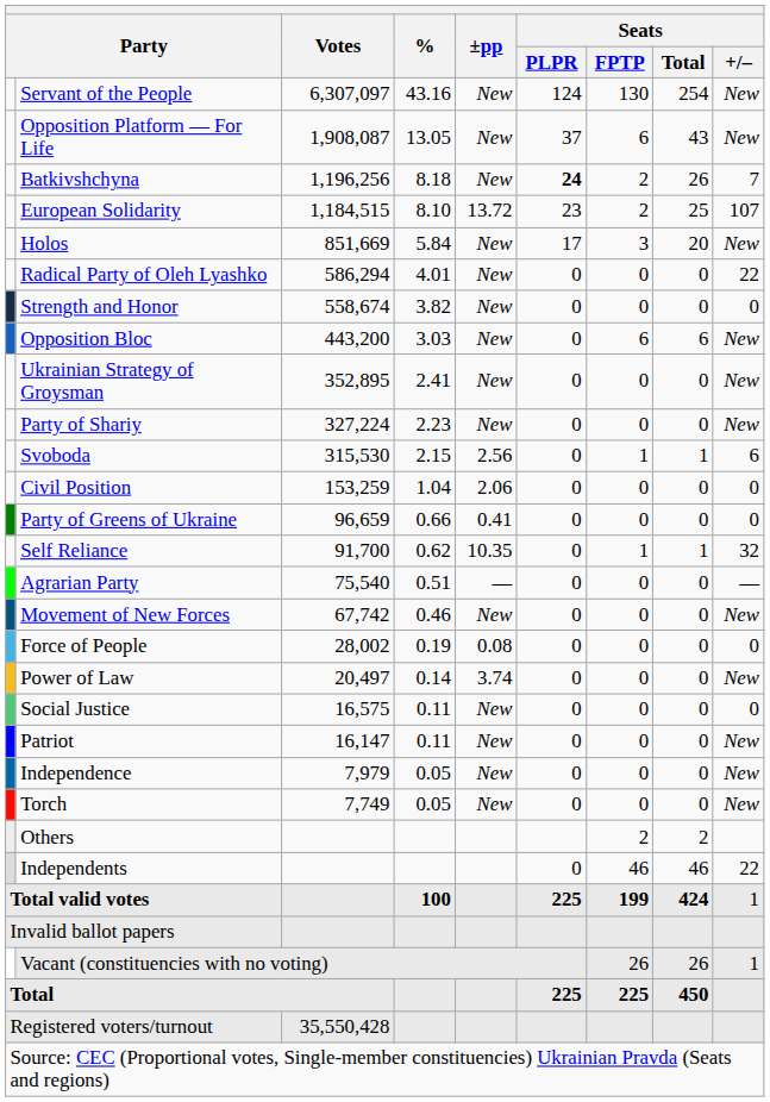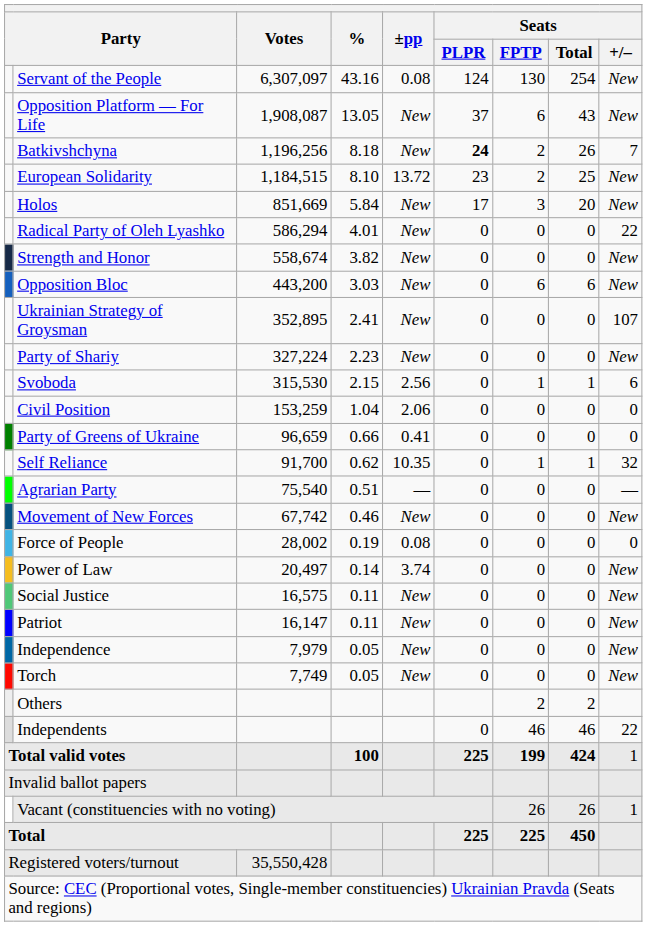 <table class=wikitable style=text-align:right>
 <tr>
 <th colspan=9></th>
 </tr>
 <tr>
 <th rowspan=2 colspan=2>Party</th>
 <th rowspan=2>Votes</th>
 <th rowspan=2>%</th>
 <th rowspan=2>±<a href='#'>pp</a></th>
 <th colspan=4>Seats</th>
 </tr>
 <tr style="text-align:center;">
 <th><a href='#'>PLPR</a></th>
 <th><a href='#'>FPTP</a></th>
 <th>Total</th>
 <th>+/–</th>
 </tr>
 <tr>
 <td style="background:"></td>
 <td style="text-align:left;"><a href='#'>Servant of the People</a></td>
 <td>6,307,097</td>
 <td>43.16</td>
-<td><em>New</em></td>
+<td>0.08</td>
 <td>124</td>
 <td>130</td>
 <td>254</td>
 <td><em>New</em></td>
 </tr>
 <tr>
 <td style="background:"></td>
 <td style="text-align:left;"><a href='#'>Opposition Platform — For Life</a></td>
 <td>1,908,087</td>
 <td>13.05</td>
 <td><em>New</em></td>
 <td>37</td>
 <td>6</td>
 <td>43</td>
 <td><em>New</em></td>
 </tr>
 <tr>
 <td style="background:"></td>
 <td style="text-align:left;"><a href='#'>Batkivshchyna</a></td>
 <td>1,196,256</td>
 <td>8.18</td>
 <td><em>New</em></td>
 <td><strong>24</strong></td>
 <td>2</td>
 <td>26</td>
 <td>7</td>
 </tr>
 <tr>
 <td style="background:"></td>
 <td style="text-align:left;"><a href='#'>European Solidarity</a></td>
 <td>1,184,515</td>
 <td>8.10</td>
 <td>13.72</td>
 <td>23</td>
 <td>2</td>
 <td>25</td>
-<td>107</td>
+<td><em>New</em></td>
 </tr>
 <tr>
 <td style="background:"></td>
 <td style="text-align:left;"><a href='#'>Holos</a></td>
 <td>851,669</td>
 <td>5.84</td>
 <td><em>New</em></td>
 <td>17</td>
 <td>3</td>
 <td>20</td>
 <td><em>New</em></td>
 </tr>
 <tr>
 <td style="background:"></td>
 <td style="text-align:left;"><a href='#'>Radical Party of Oleh Lyashko</a></td>
 <td>586,294</td>
 <td>4.01</td>
 <td><em>New</em></td>
 <td>0</td>
 <td>0</td>
 <td>0</td>
 <td>22</td>
 </tr>
 <tr>
 <td style="background:#172A47;"></td>
 <td style="text-align:left;"><a href='#'>Strength and Honor</a></td>
 <td>558,674</td>
 <td>3.82</td>
 <td><em>New</em></td>
 <td>0</td>
 <td>0</td>
 <td>0</td>
-<td>0</td>
+<td><em>New</em></td>
 </tr>
 <tr>
 <td style="background:#1560BD;"></td>
 <td style="text-align:left;"><a href='#'>Opposition Bloc</a></td>
 <td>443,200</td>
 <td>3.03</td>
 <td><em>New</em></td>
 <td>0</td>
 <td>6</td>
 <td>6</td>
 <td><em>New</em></td>
 </tr>
 <tr>
 <td style="background:"></td>
 <td style="text-align:left;"><a href='#'>Ukrainian Strategy of Groysman</a></td>
 <td>352,895</td>
 <td>2.41</td>
 <td><em>New</em></td>
 <td>0</td>
 <td>0</td>
 <td>0</td>
-<td><em>New</em></td>
+<td>107</td>
 </tr>
 <tr>
 <td style="background:"></td>
 <td style="text-align:left;"><a href='#'>Party of Shariy</a></td>
 <td>327,224</td>
 <td>2.23</td>
 <td><em>New</em></td>
 <td>0</td>
 <td>0</td>
 <td>0</td>
 <td><em>New</em></td>
 </tr>
 <tr>
 <td style="background:"></td>
 <td style="text-align:left;"><a href='#'>Svoboda</a></td>
 <td>315,530</td>
 <td>2.15</td>
 <td>2.56</td>
 <td>0</td>
 <td>1</td>
 <td>1</td>
 <td>6</td>
 </tr>
 <tr>
 <td style="background:"></td>
 <td style="text-align:left;"><a href='#'>Civil Position</a></td>
 <td>153,259</td>
 <td>1.04</td>
 <td>2.06</td>
 <td>0</td>
 <td>0</td>
 <td>0</td>
 <td>0</td>
 </tr>
 <tr>
 <td style="background:green;"></td>
 <td style="text-align:left;"><a href='#'>Party of Greens of Ukraine</a></td>
 <td>96,659</td>
 <td>0.66</td>
 <td>0.41</td>
 <td>0</td>
 <td>0</td>
 <td>0</td>
 <td>0</td>
 </tr>
 <tr>
 <td style="background:"></td>
 <td style="text-align:left;"><a href='#'>Self Reliance</a></td>
 <td>91,700</td>
 <td>0.62</td>
 <td> 10.35</td>
 <td>0</td>
 <td>1</td>
 <td>1</td>
 <td>32</td>
 </tr>
 <tr>
 <td style="background:#0f0;"></td>
 <td style="text-align:left;"><a href='#'>Agrarian Party</a></td>
 <td>75,540</td>
 <td>0.51</td>
 <td>—</td>
 <td>0</td>
 <td>0</td>
 <td>0</td>
 <td>—</td>
 </tr>
 <tr>
 <td style="background:#05517E;"></td>
 <td style="text-align:left;"><a href='#'>Movement of New Forces</a></td>
 <td>67,742</td>
 <td>0.46</td>
 <td><em>New</em></td>
 <td>0</td>
 <td>0</td>
 <td>0</td>
 <td><em>New</em></td>
 </tr>
 <tr>
 <td style="background:#40B4E5;"></td>
 <td style="text-align:left;">Force of People</td>
 <td>28,002</td>
 <td>0.19</td>
 <td>0.08</td>
 <td>0</td>
 <td>0</td>
 <td>0</td>
 <td>0</td>
 </tr>
 <tr>
 <td style="background:#F5BD1F;"></td>
 <td style="text-align:left;">Power of Law</td>
 <td>20,497</td>
 <td>0.14</td>
 <td>3.74</td>
 <td>0</td>
 <td>0</td>
 <td>0</td>
 <td><em>New</em></td>
 </tr>
 <tr>
 <td style="background:#50C878;"></td>
 <td style="text-align:left;">Social Justice</td>
 <td>16,575</td>
 <td>0.11</td>
 <td><em>New</em></td>
 <td>0</td>
 <td>0</td>
 <td>0</td>
-<td>0</td>
+<td><em>New</em></td>
 </tr>
 <tr>
 <td style="background:#00f;"></td>
 <td style="text-align:left;">Patriot</td>
 <td>16,147</td>
 <td>0.11</td>
 <td><em>New</em></td>
 <td>0</td>
 <td>0</td>
 <td>0</td>
 <td><em>New</em></td>
 </tr>
 <tr>
 <td style="background:#0067A5;"></td>
 <td style="text-align:left;">Independence</td>
 <td>7,979</td>
 <td>0.05</td>
 <td><em>New</em></td>
 <td>0</td>
 <td>0</td>
 <td>0</td>
 <td><em>New</em></td>
 </tr>
 <tr>
 <td style="background:#FF0800;"></td>
 <td style="text-align:left;">Torch</td>
 <td>7,749</td>
 <td>0.05</td>
 <td><em>New</em></td>
 <td>0</td>
 <td>0</td>
 <td>0</td>
 <td><em>New</em></td>
 </tr>
 <tr>
 <td style="background:#eee;"></td>
 <td style="text-align:left;">Others</td>
 <td></td>
 <td></td>
 <td></td>
 <td></td>
 <td>2</td>
 <td>2</td>
 <td></td>
 </tr>
 <tr>
 <td style="background:#ddd;"></td>
 <td style="text-align:left;">Independents</td>
 <td></td>
 <td></td>
 <td></td>
 <td>0</td>
 <td>46</td>
 <td>46</td>
 <td>22</td>
 </tr>
 <tr style="background:#e9e9e9;">
 <td colspan=2 style="text-align:left;"><strong>Total valid votes</strong></td>
 <td></td>
 <td><strong>100</strong></td>
 <td></td>
 <td><strong>225</strong></td>
 <td><strong>199</strong></td>
 <td><strong>424</strong></td>
 <td>1</td>
 </tr>
 <tr style="background:#e9e9e9;">
 <td colspan=2 style="text-align:left;">Invalid ballot papers</td>
 <td></td>
 <td></td>
 <td></td>
 <td></td>
 <td></td>
 <td></td>
 <td></td>
 </tr>
 <tr style="background:#e9e9e9;">
 <td style="background:#fff;"></td>
 <td colspan=5 style="text-align:left;">Vacant (constituencies with no voting)</td>
 <td>26</td>
 <td>26</td>
 <td>1</td>
 </tr>
 <tr style="background:#e9e9e9;">
 <td colspan=3 style="text-align:left;"><strong>Total</strong></td>
 <td></td>
 <td></td>
 <td><strong>225</strong></td>
 <td><strong>225</strong></td>
 <td><strong>450</strong></td>
 <td></td>
 </tr>
 <tr style="background:#e9e9e9;">
 <td colspan=2 style="text-align:left;">Registered voters/turnout</td>
 <td>35,550,428</td>
 <td></td>
 <td></td>
 <td></td>
 <td></td>
 <td></td>
 <td></td>
 </tr>
 <tr>
 <td colspan=9 style="text-align:left;">Source: <a href='#'>CEC</a> (Proportional votes, Single-member constituencies) <a href='#'>Ukrainian Pravda</a> (Seats and regions)</td>
 </tr>
 </table>
